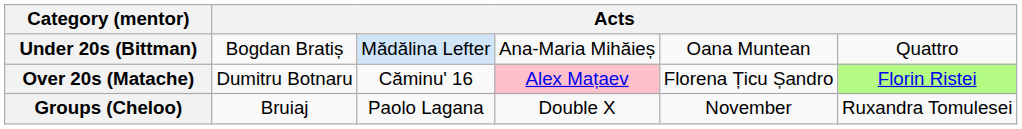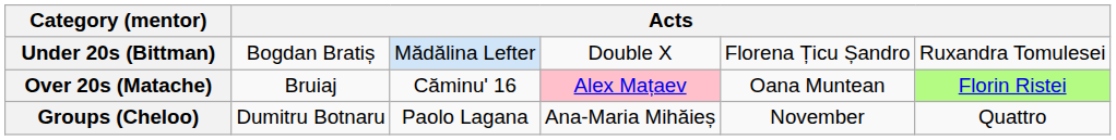 <table class="wikitable" style="text-align:center">
 <tr>
 <th spope="col" style="width:170px;">Category (mentor)</th>
 <th scope="col" colspan="20" style="width:650px;">Acts</th>
 </tr>
 <tr>
 <th scope="row">Under 20s (Bittman)</th>
 <td>Bogdan Bratiș</td>
 <td style="background:#d1e5f8;">Mădălina Lefter</td>
-<td>Ana-Maria Mihăieș</td>
-<td>Oana Muntean</td>
-<td>Quattro</td>
+<td>Double X</td>
+<td>Florena Țicu Șandro</td>
+<td>Ruxandra Tomulesei</td>
 </tr>
 <tr>
 <th scope="row">Over 20s (Matache)</th>
-<td>Dumitru Botnaru</td>
+<td>Bruiaj</td>
 <td>Căminu' 16</td>
 <td style="background:pink;"><a href='#'>Alex Mațaev</a></td>
-<td>Florena Țicu Șandro</td>
+<td>Oana Muntean</td>
 <td style="background:#B4FB84;"><a href='#'>Florin Ristei</a></td>
 </tr>
 <tr>
 <th scope="row">Groups (Cheloo)</th>
-<td>Bruiaj</td>
+<td>Dumitru Botnaru</td>
 <td>Paolo Lagana</td>
-<td>Double X</td>
+<td>Ana-Maria Mihăieș</td>
 <td>November</td>
-<td>Ruxandra Tomulesei</td>
+<td>Quattro</td>
 </tr>
 </table>
